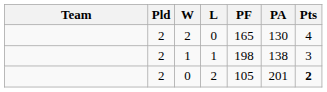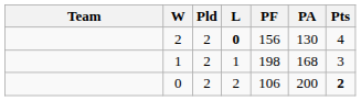 <table class="wikitable" style="text-align:center;">
 <tr>
 <th width=170>Team</th>
+<th width=25>W</th>
 <th width=25>Pld</th>
-<th width=25>W</th>
 <th width=25>L</th>
 <th width=35>PF</th>
 <th width=35>PA</th>
 <th width=25>Pts</th>
 </tr>
 <tr>
 <td align="left"></td>
 <td>2</td>
 <td>2</td>
-<td>0</td>
-<td>165</td>
+<td><strong>0</strong></td>
+<td>156</td>
 <td>130</td>
 <td>4</td>
 </tr>
 <tr>
 <td align="left"></td>
+<td>1</td>
 <td>2</td>
 <td>1</td>
-<td>1</td>
 <td>198</td>
-<td>138</td>
+<td>168</td>
 <td>3</td>
 </tr>
 <tr>
 <td align="left"></td>
-<td>2</td>
 <td>0</td>
 <td>2</td>
-<td>105</td>
-<td>201</td>
+<td>2</td>
+<td>106</td>
+<td>200</td>
 <td><strong>2</strong></td>
 </tr>
 </table>
